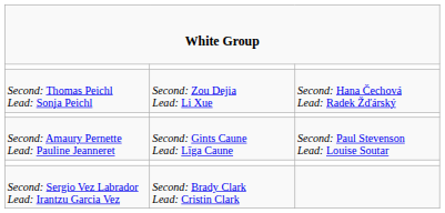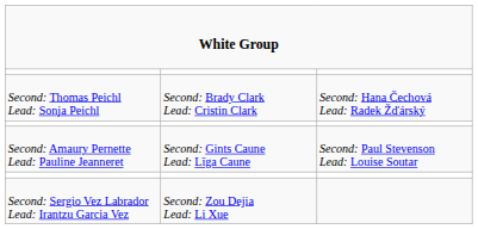 <table class="wikitable">
 <tr>
 <td align=center colspan="3"><br><h3>White Group</h3></td>
 </tr>
 <tr>
 <th style="background: #FFFFFF;" width="200"></th>
 <th style="background: #FFFFFF;" width="200"></th>
 <th style="background: #FFFFFF;" width="200"></th>
 </tr>
 <tr>
 <td><br><em>Second:</em> <a href='#'>Thomas Peichl</a><br> <em>Lead:</em> <a href='#'>Sonja Peichl</a></td>
-<td><br><em>Second:</em> <a href='#'>Zou Dejia</a><br> <em>Lead:</em> <a href='#'>Li Xue</a></td>
+<td><br><em>Second:</em> <a href='#'>Brady Clark</a> <br> <em>Lead:</em> <a href='#'>Cristin Clark</a></td>
 <td><br><em>Second:</em> <a href='#'>Hana Čechová</a><br> <em>Lead:</em> <a href='#'>Radek Žďárský</a></td>
 </tr>
 <tr>
 <th style="background: #FFFFFF;" width="200"></th>
 <th style="background: #FFFFFF;" width="200"></th>
 <th style="background: #FFFFFF;" width="200"></th>
 </tr>
 <tr>
 <td><br><em>Second:</em> <a href='#'>Amaury Pernette</a><br> <em>Lead:</em> <a href='#'>Pauline Jeanneret</a></td>
 <td><br><em>Second:</em> <a href='#'>Gints Caune</a> <br> <em>Lead:</em> <a href='#'>Līga Caune</a></td>
 <td><br><em>Second:</em> <a href='#'>Paul Stevenson</a><br> <em>Lead:</em> <a href='#'>Louise Soutar</a></td>
 </tr>
 <tr>
 <th style="background: #FFFFFF;" width="200"></th>
 <th style="background: #FFFFFF;" width="200"></th>
 <th style="background: #FFFFFF;" width="200"></th>
 </tr>
 <tr>
 <td><br><em>Second:</em> <a href='#'>Sergio Vez Labrador</a> <br> <em>Lead:</em> <a href='#'>Irantzu Garcia Vez</a></td>
-<td><br><em>Second:</em> <a href='#'>Brady Clark</a> <br> <em>Lead:</em> <a href='#'>Cristin Clark</a></td>
+<td><br><em>Second:</em> <a href='#'>Zou Dejia</a><br> <em>Lead:</em> <a href='#'>Li Xue</a></td>
 <td></td>
 </tr>
 </table>
